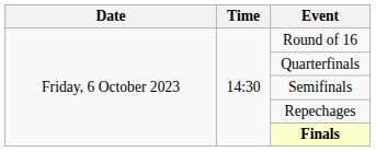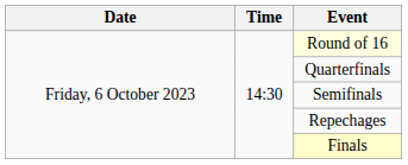 <table class = "wikitable" style="text-align:center;">
 <tr>
 <th width=220>Date</th>
 <th width=50>Time</th>
 <th width=100>Event</th>
 </tr>
 <tr>
 <td rowspan=5>Friday, 6 October 2023</td>
 <td rowspan=5>14:30</td>
-<td>Round of 16</td>
+<td style="background: lightyellow;">Round of 16</td>
 </tr>
 <tr>
 <td>Quarterfinals</td>
 </tr>
 <tr>
 <td>Semifinals</td>
 </tr>
 <tr>
 <td>Repechages</td>
 </tr>
 <tr>
-<td bgcolor=ffffcc><strong>Finals</strong></td>
+<td bgcolor=ffffcc>Finals</td>
 </tr>
 </table>
